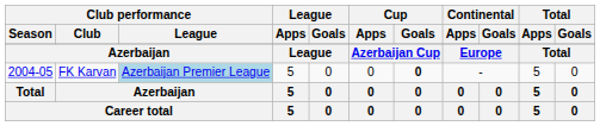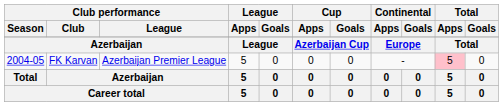 <table class="wikitable" style="text-align:center">
 <tr>
 <th colspan=3>Club performance</th>
 <th colspan=2>League</th>
 <th colspan=2>Cup</th>
 <th colspan=2>Continental</th>
 <th colspan=2>Total</th>
 </tr>
 <tr>
 <th>Season</th>
 <th>Club</th>
 <th>League</th>
 <th>Apps</th>
 <th>Goals</th>
 <th>Apps</th>
 <th>Goals</th>
 <th>Apps</th>
 <th>Goals</th>
 <th>Apps</th>
 <th>Goals</th>
 </tr>
 <tr>
 </tr>
 <tr>
 <th colspan=3>Azerbaijan</th>
 <th colspan=2>League</th>
 <th colspan=2><a href='#'>Azerbaijan Cup</a></th>
 <th colspan=2><a href='#'>Europe</a></th>
 <th colspan=2>Total</th>
 </tr>
 <tr>
 <td><a href='#'>2004-05</a></td>
 <td><a href='#'>FK Karvan</a></td>
-<td style="background: lightblue;"><a href='#'>Azerbaijan Premier League</a></td>
+<td><a href='#'>Azerbaijan Premier League</a></td>
 <td>5</td>
 <td>0</td>
 <td>0</td>
-<td><strong>0</strong></td>
+<td>0</td>
 <td colspan="2">-</td>
-<td>5</td>
+<td style="background: pink;">5</td>
 <td>0</td>
 </tr>
 <tr>
 <th rowspan=1>Total</th>
 <th colspan=2>Azerbaijan</th>
 <th>5</th>
 <th>0</th>
 <th>0</th>
 <th>0</th>
 <th>0</th>
 <th>0</th>
 <th>5</th>
 <th>0</th>
 </tr>
 <tr>
 <th colspan=3>Career total</th>
 <th>5</th>
 <th>0</th>
 <th>0</th>
 <th>0</th>
 <th>0</th>
 <th>0</th>
 <th>5</th>
 <th>0</th>
 </tr>
 </table>
